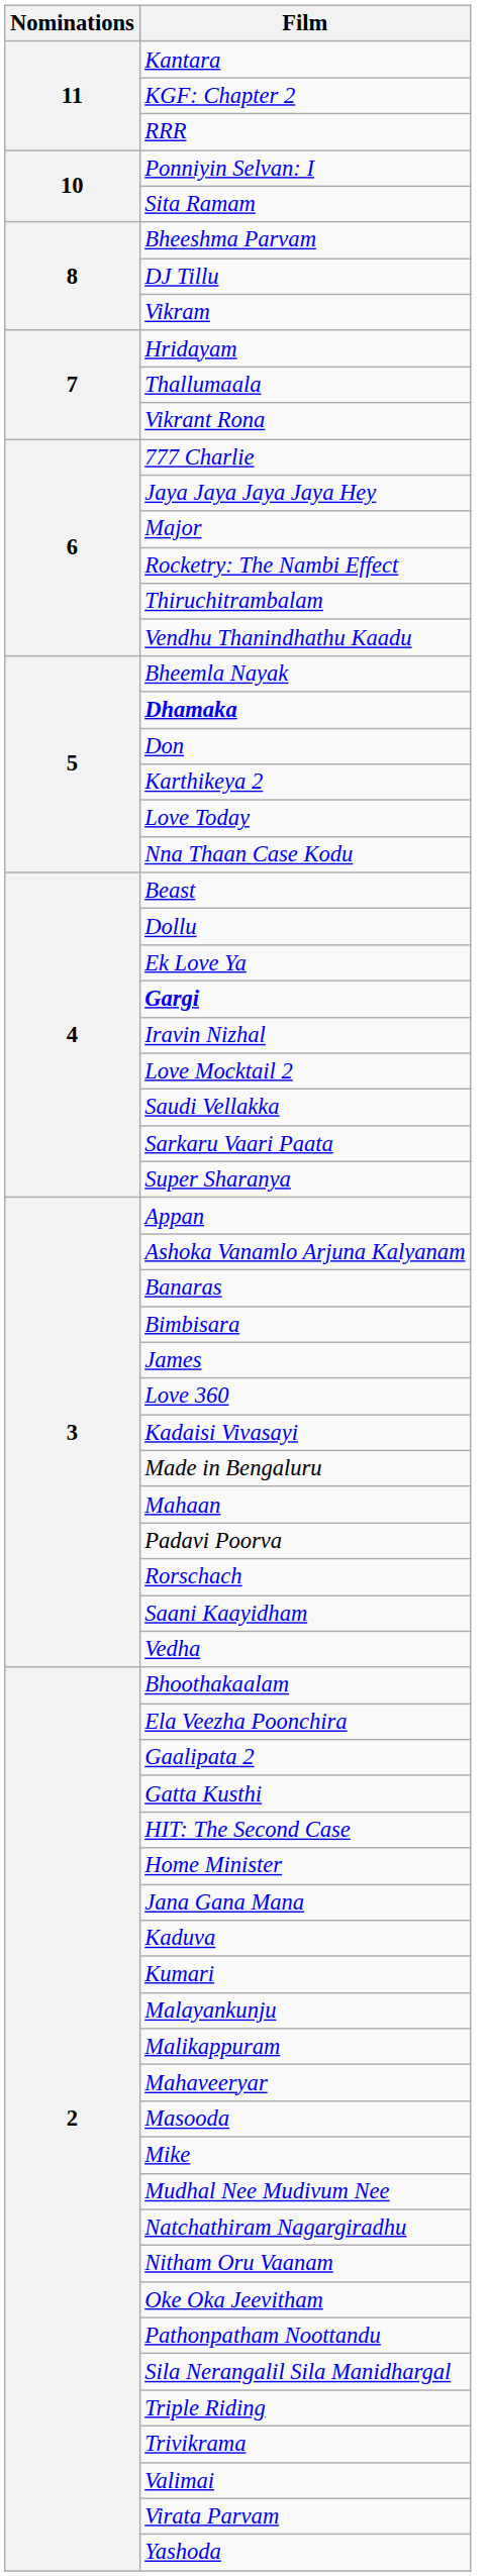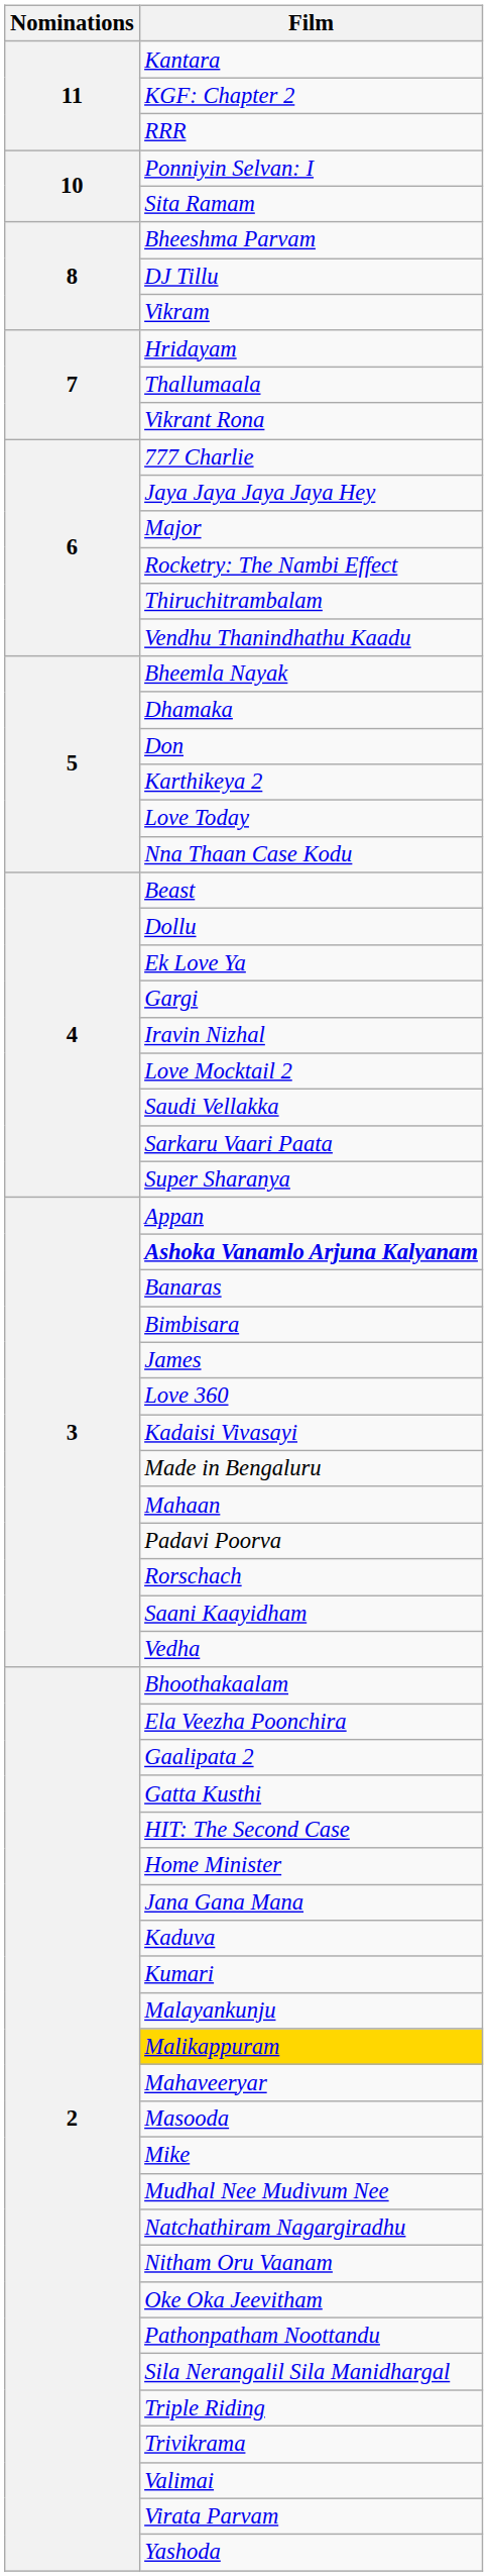 <table class="wikitable" style="display:inline-table;">
 <tr>
 <th>Nominations</th>
 <th>Film</th>
 </tr>
 <tr>
 <th rowspan="3">11</th>
 <td><a href='#'><em>Kantara</em></a></td>
 </tr>
 <tr>
 <td><em><a href='#'>KGF: Chapter 2</a></em></td>
 </tr>
 <tr>
 <td><em><a href='#'>RRR</a></em></td>
 </tr>
 <tr>
 <th rowspan="2">10</th>
 <td><em><a href='#'>Ponniyin Selvan: I</a></em></td>
 </tr>
 <tr>
 <td><em><a href='#'>Sita Ramam</a></em></td>
 </tr>
 <tr>
 <th rowspan="3">8</th>
 <td><em><a href='#'>Bheeshma Parvam</a></em></td>
 </tr>
 <tr>
 <td><em><a href='#'>DJ Tillu</a></em></td>
 </tr>
 <tr>
 <td><a href='#'><em>Vikram</em></a></td>
 </tr>
 <tr>
 <th rowspan="3">7</th>
 <td><em><a href='#'>Hridayam</a></em></td>
 </tr>
 <tr>
 <td><em><a href='#'>Thallumaala</a></em></td>
 </tr>
 <tr>
 <td><em><a href='#'>Vikrant Rona</a></em></td>
 </tr>
 <tr>
 <th rowspan="6">6</th>
 <td><em><a href='#'>777 Charlie</a></em></td>
 </tr>
 <tr>
 <td><em><a href='#'>Jaya Jaya Jaya Jaya Hey</a></em></td>
 </tr>
 <tr>
 <td><a href='#'><em>Major</em></a></td>
 </tr>
 <tr>
 <td><em><a href='#'>Rocketry: The Nambi Effect</a></em></td>
 </tr>
 <tr>
 <td><em><a href='#'>Thiruchitrambalam</a></em></td>
 </tr>
 <tr>
 <td><em><a href='#'>Vendhu Thanindhathu Kaadu</a></em></td>
 </tr>
 <tr>
 <th rowspan="6">5</th>
 <td><em><a href='#'>Bheemla Nayak</a></em></td>
 </tr>
 <tr>
-<td><strong><a href='#'><em>Dhamaka</em></a></strong></td>
+<td><a href='#'><em>Dhamaka</em></a></td>
 </tr>
 <tr>
 <td><a href='#'><em>Don</em></a></td>
 </tr>
 <tr>
 <td><em><a href='#'>Karthikeya 2</a></em></td>
 </tr>
 <tr>
 <td><a href='#'><em>Love Today</em></a></td>
 </tr>
 <tr>
 <td><em><a href='#'>Nna Thaan Case Kodu</a></em></td>
 </tr>
 <tr>
 <th rowspan="9">4</th>
 <td><a href='#'><em>Beast</em></a></td>
 </tr>
 <tr>
 <td><a href='#'><em>Dollu</em></a></td>
 </tr>
 <tr>
 <td><em><a href='#'>Ek Love Ya</a></em></td>
 </tr>
 <tr>
-<td><strong><a href='#'><em>Gargi</em></a></strong></td>
+<td><a href='#'><em>Gargi</em></a></td>
 </tr>
 <tr>
 <td><em><a href='#'>Iravin Nizhal</a></em></td>
 </tr>
 <tr>
 <td><em><a href='#'>Love Mocktail 2</a></em></td>
 </tr>
 <tr>
 <td><em><a href='#'>Saudi Vellakka</a></em></td>
 </tr>
 <tr>
 <td><em><a href='#'>Sarkaru Vaari Paata</a></em></td>
 </tr>
 <tr>
 <td><em><a href='#'>Super Sharanya</a></em></td>
 </tr>
 <tr>
 <th rowspan="13">3</th>
 <td><a href='#'><em>Appan</em></a></td>
 </tr>
 <tr>
-<td><em><a href='#'>Ashoka Vanamlo Arjuna Kalyanam</a></em></td>
+<td><strong><em><a href='#'>Ashoka Vanamlo Arjuna Kalyanam</a></em></strong></td>
 </tr>
 <tr>
 <td><a href='#'><em>Banaras</em></a></td>
 </tr>
 <tr>
 <td><a href='#'><em>Bimbisara</em></a></td>
 </tr>
 <tr>
 <td><a href='#'><em>James</em></a></td>
 </tr>
 <tr>
 <td><em><a href='#'>Love 360</a></em></td>
 </tr>
 <tr>
 <td><em><a href='#'>Kadaisi Vivasayi</a></em></td>
 </tr>
 <tr>
 <td><em>Made in Bengaluru</em></td>
 </tr>
 <tr>
 <td><a href='#'><em>Mahaan</em></a></td>
 </tr>
 <tr>
 <td><em>Padavi Poorva</em></td>
 </tr>
 <tr>
 <td><a href='#'><em>Rorschach</em></a></td>
 </tr>
 <tr>
 <td><em><a href='#'>Saani Kaayidham</a></em></td>
 </tr>
 <tr>
 <td><a href='#'><em>Vedha</em></a></td>
 </tr>
 <tr>
 <th rowspan="25">2</th>
 <td><em><a href='#'>Bhoothakaalam</a></em></td>
 </tr>
 <tr>
 <td><em><a href='#'>Ela Veezha Poonchira</a></em></td>
 </tr>
 <tr>
 <td><em><a href='#'>Gaalipata 2</a></em></td>
 </tr>
 <tr>
 <td><em><a href='#'>Gatta Kusthi</a></em></td>
 </tr>
 <tr>
 <td><em><a href='#'>HIT: The Second Case</a></em></td>
 </tr>
 <tr>
 <td><a href='#'><em>Home Minister</em></a></td>
 </tr>
 <tr>
 <td><a href='#'><em>Jana Gana Mana</em></a></td>
 </tr>
 <tr>
 <td><em><a href='#'>Kaduva</a></em></td>
 </tr>
 <tr>
 <td><a href='#'><em>Kumari</em></a></td>
 </tr>
 <tr>
 <td><em><a href='#'>Malayankunju</a></em></td>
 </tr>
 <tr>
-<td><em><a href='#'>Malikappuram</a></em></td>
+<td style="background: gold;"><em><a href='#'>Malikappuram</a></em></td>
 </tr>
 <tr>
 <td><em><a href='#'>Mahaveeryar</a></em></td>
 </tr>
 <tr>
 <td><em><a href='#'>Masooda</a></em></td>
 </tr>
 <tr>
 <td><a href='#'><em>Mike</em></a></td>
 </tr>
 <tr>
 <td><em><a href='#'>Mudhal Nee Mudivum Nee</a></em></td>
 </tr>
 <tr>
 <td><em><a href='#'>Natchathiram Nagargiradhu</a></em></td>
 </tr>
 <tr>
 <td><em><a href='#'>Nitham Oru Vaanam</a></em></td>
 </tr>
 <tr>
 <td><em><a href='#'>Oke Oka Jeevitham</a></em></td>
 </tr>
 <tr>
 <td><em><a href='#'>Pathonpatham Noottandu</a></em></td>
 </tr>
 <tr>
 <td><a href='#'><em>Sila Nerangalil Sila Manidhargal</em></a></td>
 </tr>
 <tr>
 <td><em><a href='#'>Triple Riding</a></em></td>
 </tr>
 <tr>
 <td><a href='#'><em>Trivikrama</em></a></td>
 </tr>
 <tr>
 <td><em><a href='#'>Valimai</a></em></td>
 </tr>
 <tr>
 <td><em><a href='#'>Virata Parvam</a></em></td>
 </tr>
 <tr>
 <td><a href='#'><em>Yashoda</em></a></td>
 </tr>
 </table>
